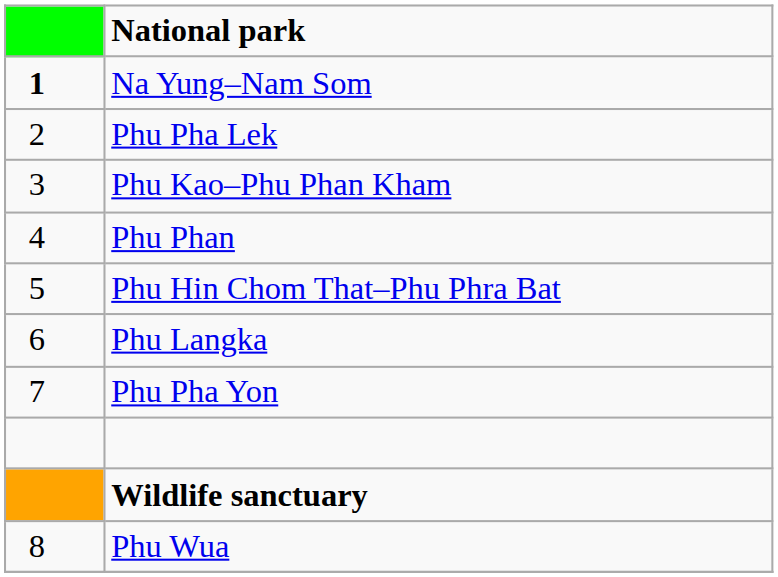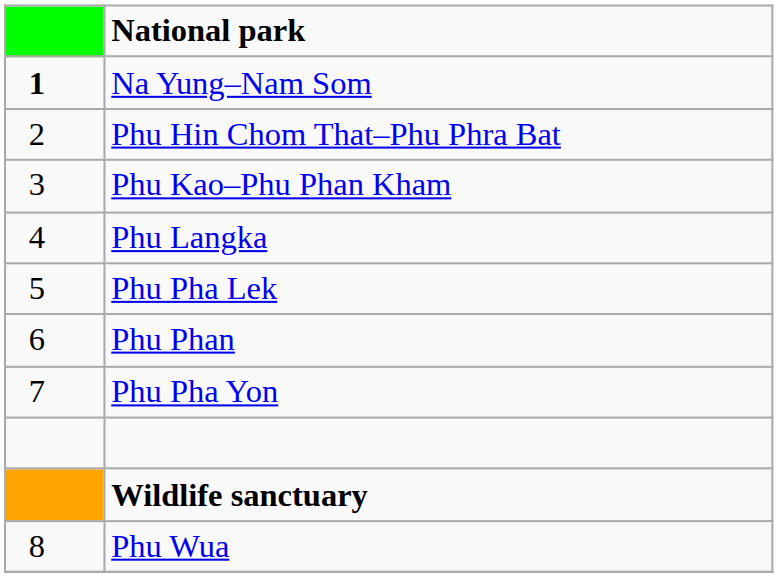 <table class= "wikitable" style= "width:30%; display:inline-table;">
 <tr>
 <td style="width:3%; background:#00FF00;"> </td>
 <td style="width:27%;"><strong>National park</strong></td>
 </tr>
 <tr>
 <td><strong>  1</strong></td>
 <td><a href='#'>Na Yung–Nam Som</a></td>
 </tr>
 <tr>
 <td>  2</td>
-<td><a href='#'>Phu Pha Lek</a></td>
+<td><a href='#'>Phu Hin Chom That–Phu Phra Bat</a></td>
 </tr>
 <tr>
 <td>  3</td>
 <td><a href='#'>Phu Kao–Phu Phan Kham</a></td>
 </tr>
 <tr>
 <td>  4</td>
-<td><a href='#'>Phu Phan</a></td>
+<td><a href='#'>Phu Langka</a></td>
 </tr>
 <tr>
 <td>  5</td>
-<td><a href='#'>Phu Hin Chom That–Phu Phra Bat</a></td>
+<td><a href='#'>Phu Pha Lek</a></td>
 </tr>
 <tr>
 <td>  6</td>
-<td><a href='#'>Phu Langka</a></td>
+<td><a href='#'>Phu Phan</a></td>
 </tr>
 <tr>
 <td>  7</td>
 <td><a href='#'>Phu Pha Yon</a></td>
 </tr>
 <tr>
 <td> </td>
 <td> </td>
 </tr>
 <tr>
 <td style="width:3%; background:#FFA400;"> </td>
 <td style="width:27%;"><strong>Wildlife sanctuary</strong></td>
 </tr>
 <tr>
 <td>  8</td>
 <td><a href='#'>Phu Wua</a></td>
 </tr>
 <tr>
 </tr>
 </table>
